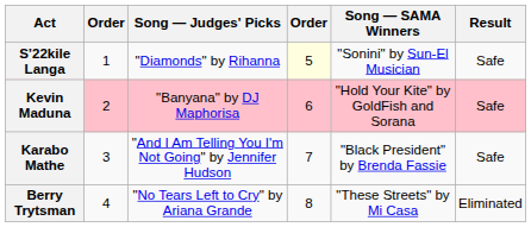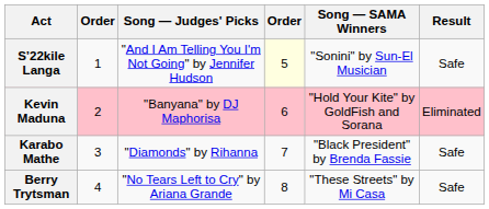 <table class="wikitable plainrowheaders" style="text-align:center;">
 <tr>
 <th scope"col">Act</th>
 <th scope"col">Order</th>
 <th scope"col">Song — Judges' Picks</th>
 <th scope"col">Order</th>
 <th scope"col">Song — SAMA Winners</th>
 <th scope"col">Result</th>
 </tr>
 <tr>
 <th scope=row>S’22kile Langa</th>
 <td>1</td>
-<td>"<a href='#'>Diamonds</a>" by <a href='#'>Rihanna</a></td>
+<td>"<a href='#'>And I Am Telling You I'm Not Going</a>" by <a href='#'>Jennifer Hudson</a></td>
 <td style="background: lightyellow;">5</td>
 <td>"Sonini" by <a href='#'>Sun-El Musician</a></td>
 <td>Safe</td>
 </tr>
 <tr style="background: pink">
 <th scope=row>Kevin Maduna</th>
 <td>2</td>
 <td>"Banyana" by <a href='#'>DJ Maphorisa</a></td>
 <td>6</td>
 <td>"Hold Your Kite" by GoldFish and Sorana</td>
-<td>Safe</td>
+<td>Eliminated</td>
 </tr>
 <tr>
 <th scope=row>Karabo Mathe</th>
 <td>3</td>
-<td>"<a href='#'>And I Am Telling You I'm Not Going</a>" by <a href='#'>Jennifer Hudson</a></td>
+<td>"<a href='#'>Diamonds</a>" by <a href='#'>Rihanna</a></td>
 <td>7</td>
 <td>"Black President" by <a href='#'>Brenda Fassie</a></td>
 <td>Safe</td>
 </tr>
 <tr>
 <th scope=row>Berry Trytsman</th>
 <td>4</td>
 <td>"<a href='#'>No Tears Left to Cry</a>" by <a href='#'>Ariana Grande</a></td>
 <td>8</td>
 <td>"These Streets" by <a href='#'>Mi Casa</a></td>
-<td>Eliminated</td>
+<td>Safe</td>
 </tr>
 </table>
